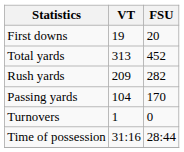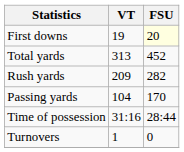 <table class="wikitable" style="float: left;">
 <tr>
 <th>Statistics</th>
 <th>VT</th>
 <th>FSU</th>
 </tr>
 <tr>
 <td>First downs</td>
 <td>19</td>
-<td>20</td>
+<td style="background: lightyellow;">20</td>
 </tr>
 <tr>
 <td>Total yards</td>
 <td>313</td>
 <td>452</td>
 </tr>
 <tr>
 <td>Rush yards</td>
 <td>209</td>
 <td>282</td>
 </tr>
 <tr>
 <td>Passing yards</td>
 <td>104</td>
 <td>170</td>
 </tr>
 <tr>
+<td>Time of possession</td>
+<td>31:16</td>
+<td>28:44</td>
+</tr>
+<tr>
 <td>Turnovers</td>
 <td>1</td>
 <td>0</td>
 </tr>
 <tr>
-<td>Time of possession</td>
-<td>31:16</td>
-<td>28:44</td>
-</tr>
-<tr>
 </tr>
 </table>
